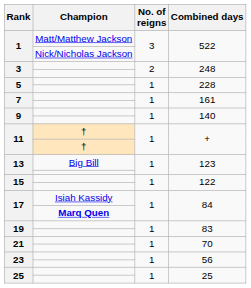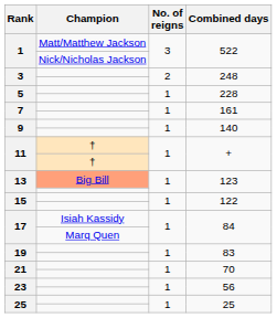 <table class="wikitable sortable" style="text-align: center">
 <tr>
 <th>Rank</th>
 <th>Champion</th>
 <th>No. of<br>reigns</th>
 <th>Combined days</th>
 </tr>
 <tr>
 <th rowspan="2">1</th>
 <td><a href='#'>Matt/Matthew Jackson</a></td>
 <td rowspan="2">3</td>
 <td rowspan="2">522</td>
 </tr>
 <tr>
 <td><a href='#'>Nick/Nicholas Jackson</a></td>
 </tr>
 <tr>
 <th rowspan=2>3</th>
 <td></td>
 <td rowspan="2">2</td>
 <td rowspan="2">248</td>
 </tr>
 <tr>
 <td></td>
 </tr>
 <tr>
 <th rowspan=2>5</th>
 <td></td>
 <td rowspan="2">1</td>
 <td rowspan="2">228</td>
 </tr>
 <tr>
 <td></td>
 </tr>
 <tr>
 <th rowspan=2>7</th>
 <td></td>
 <td rowspan="2">1</td>
 <td rowspan="2">161</td>
 </tr>
 <tr>
 <td></td>
 </tr>
 <tr>
 <th rowspan=2>9</th>
 <td></td>
 <td rowspan="2">1</td>
 <td rowspan="2">140</td>
 </tr>
 <tr>
 <td></td>
 </tr>
 <tr>
 <th rowspan=2>11</th>
 <td style="background-color:#ffe6bd"> †</td>
 <td rowspan="2">1</td>
 <td rowspan="2">+</td>
 </tr>
 <tr>
 <td style="background-color:#ffe6bd"> †</td>
 </tr>
 <tr>
 <th rowspan=2>13</th>
-<td><a href='#'>Big Bill</a></td>
+<td style="background: lightsalmon;"><a href='#'>Big Bill</a></td>
 <td rowspan="2">1</td>
 <td rowspan="2">123</td>
 </tr>
 <tr>
 <td></td>
 </tr>
 <tr>
 <th rowspan=2>15</th>
 <td></td>
 <td rowspan="2">1</td>
 <td rowspan="2">122</td>
 </tr>
 <tr>
 <td></td>
 </tr>
 <tr>
 <th rowspan=2>17</th>
 <td><a href='#'>Isiah Kassidy</a></td>
 <td rowspan="2">1</td>
 <td rowspan="2">84</td>
 </tr>
 <tr>
-<td><strong><a href='#'>Marq Quen</a></strong></td>
+<td><a href='#'>Marq Quen</a></td>
 </tr>
 <tr>
 <th rowspan=2>19</th>
 <td></td>
 <td rowspan="2">1</td>
 <td rowspan="2">83</td>
 </tr>
 <tr>
 <td></td>
 </tr>
 <tr>
 <th rowspan=2>21</th>
 <td></td>
 <td rowspan="2">1</td>
 <td rowspan="2">70</td>
 </tr>
 <tr>
 <td></td>
 </tr>
 <tr>
 <th rowspan=2>23</th>
 <td></td>
 <td rowspan="2">1</td>
 <td rowspan="2">56</td>
 </tr>
 <tr>
 <td></td>
 </tr>
 <tr>
 <th rowspan=2>25</th>
 <td></td>
 <td rowspan="2">1</td>
 <td rowspan="2">25</td>
 </tr>
 <tr>
 <td></td>
 </tr>
 </table>
